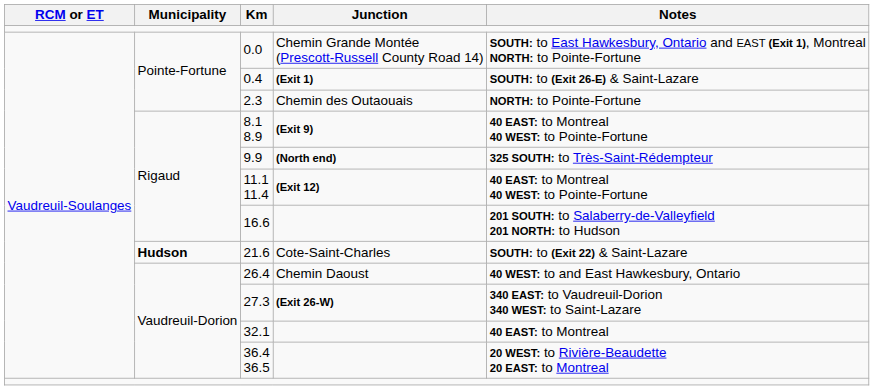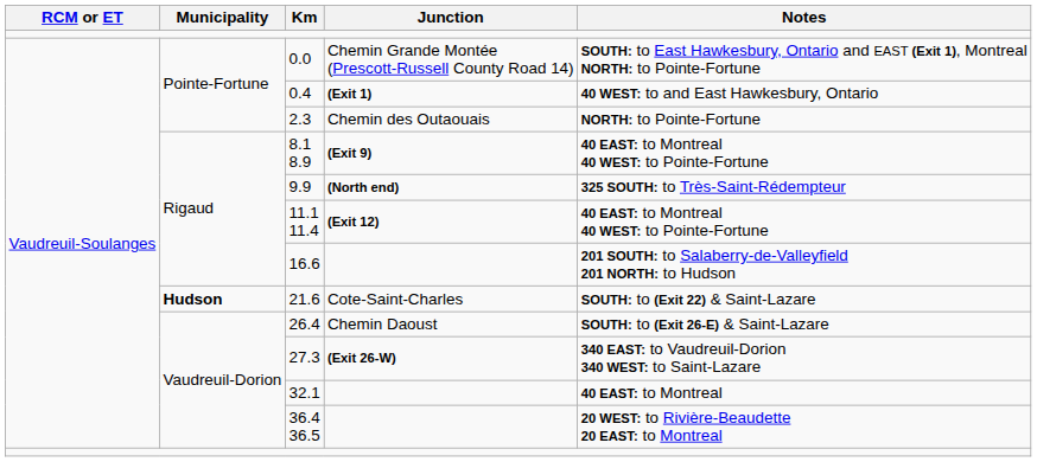 <table class=wikitable>
 <tr>
 <th><a href='#'>RCM</a> or <a href='#'>ET</a></th>
 <th>Municipality</th>
 <th>Km</th>
 <th>Junction</th>
 <th>Notes</th>
 </tr>
 <tr>
 <td colspan="5"></td>
 </tr>
 <tr>
 <td rowspan="12"><a href='#'>Vaudreuil-Soulanges</a></td>
 <td rowspan="3">Pointe-Fortune</td>
 <td>0.0</td>
 <td>Chemin Grande Montée<br>(<a href='#'>Prescott-Russell</a> County Road 14)</td>
 <td><small><strong>SOUTH:</strong></small> to <a href='#'>East Hawkesbury, Ontario</a> and  <small>EAST <strong>(Exit 1)</strong></small>, Montreal<br> <small><strong>NORTH:</strong></small> to Pointe-Fortune</td>
 </tr>
 <tr>
 <td>0.4</td>
 <td> <small><strong>(Exit 1)</strong></small></td>
-<td><small><strong>SOUTH:</strong></small> to  <small><strong>(Exit 26-E)</strong></small> & Saint-Lazare</td>
+<td><small><strong>40 WEST:</strong></small> to  and East Hawkesbury, Ontario</td>
 </tr>
 <tr>
 <td>2.3</td>
 <td>Chemin des Outaouais</td>
 <td><small><strong>NORTH:</strong></small> to Pointe-Fortune</td>
 </tr>
 <tr>
 <td rowspan="4">Rigaud</td>
 <td>8.1 <br> 8.9</td>
 <td> <small><strong>(Exit 9)</strong></small></td>
 <td><small><strong>40 EAST:</strong></small> to Montreal <br> <small><strong>40 WEST:</strong></small> to Pointe-Fortune</td>
 </tr>
 <tr>
 <td>9.9</td>
 <td> <small><strong>(North end)</strong></small></td>
 <td><small><strong>325 SOUTH:</strong></small> to <a href='#'>Très-Saint-Rédempteur</a></td>
 </tr>
 <tr>
 <td>11.1 <br> 11.4</td>
 <td> <small><strong>(Exit 12)</strong></small></td>
 <td><small><strong>40 EAST:</strong></small> to Montreal <br> <small><strong>40 WEST:</strong></small> to Pointe-Fortune</td>
 </tr>
 <tr>
 <td>16.6</td>
 <td></td>
 <td><small><strong>201 SOUTH:</strong></small> to <a href='#'>Salaberry-de-Valleyfield</a> <br> <small><strong>201 NORTH:</strong></small> to Hudson</td>
 </tr>
 <tr>
 <td><strong>Hudson</strong></td>
 <td>21.6</td>
 <td>Cote-Saint-Charles</td>
 <td><small><strong>SOUTH:</strong></small> to  <small><strong>(Exit 22)</strong></small> & Saint-Lazare</td>
 </tr>
 <tr>
 <td rowspan="4">Vaudreuil-Dorion</td>
 <td>26.4</td>
 <td>Chemin Daoust</td>
-<td><small><strong>40 WEST:</strong></small> to  and East Hawkesbury, Ontario</td>
+<td><small><strong>SOUTH:</strong></small> to  <small><strong>(Exit 26-E)</strong></small> & Saint-Lazare</td>
 </tr>
 <tr>
 <td>27.3</td>
 <td> <small><strong>(Exit 26-W)</strong></small></td>
 <td><small><strong>340 EAST:</strong></small> to Vaudreuil-Dorion <br> <small><strong>340 WEST:</strong></small> to Saint-Lazare</td>
 </tr>
 <tr>
 <td>32.1</td>
 <td></td>
 <td><small><strong>40 EAST:</strong></small> to Montreal</td>
 </tr>
 <tr>
 <td>36.4 <br> 36.5</td>
 <td></td>
 <td><small><strong>20 WEST:</strong></small> to <a href='#'>Rivière-Beaudette</a> <br> <small><strong>20 EAST:</strong></small> to <a href='#'>Montreal</a></td>
 </tr>
 <tr>
 <td colspan="5"></td>
 </tr>
 </table>
